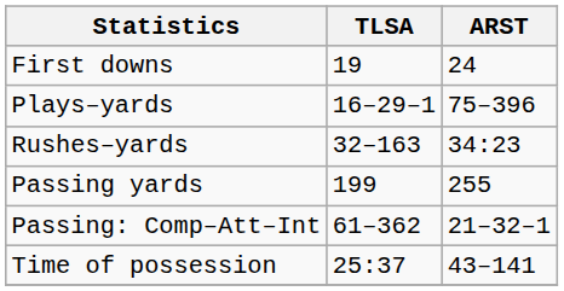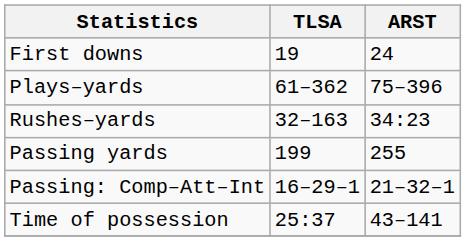 <table class="wikitable" style="float: left;">
 <tr>
 <th>Statistics</th>
 <th>TLSA</th>
 <th>ARST</th>
 </tr>
 <tr>
 <td>First downs</td>
 <td>19</td>
 <td>24</td>
 </tr>
 <tr>
 <td>Plays–yards</td>
-<td>16–29–1</td>
+<td>61–362</td>
 <td>75–396</td>
 </tr>
 <tr>
 <td>Rushes–yards</td>
 <td>32–163</td>
 <td>34:23</td>
 </tr>
 <tr>
 <td>Passing yards</td>
 <td>199</td>
 <td>255</td>
 </tr>
 <tr>
 <td>Passing: Comp–Att–Int</td>
-<td>61–362</td>
+<td>16–29–1</td>
 <td>21–32–1</td>
 </tr>
 <tr>
 <td>Time of possession</td>
 <td>25:37</td>
 <td>43–141</td>
 </tr>
 <tr>
 </tr>
 </table>
